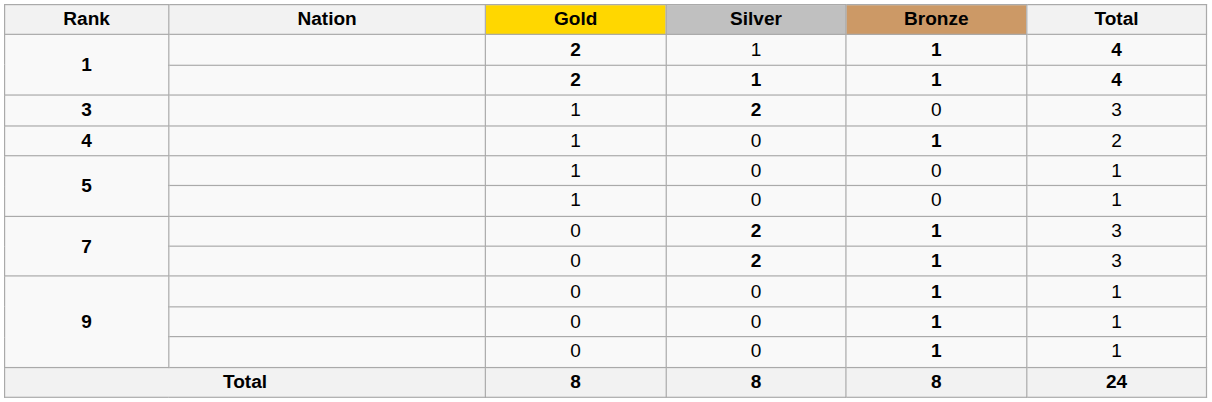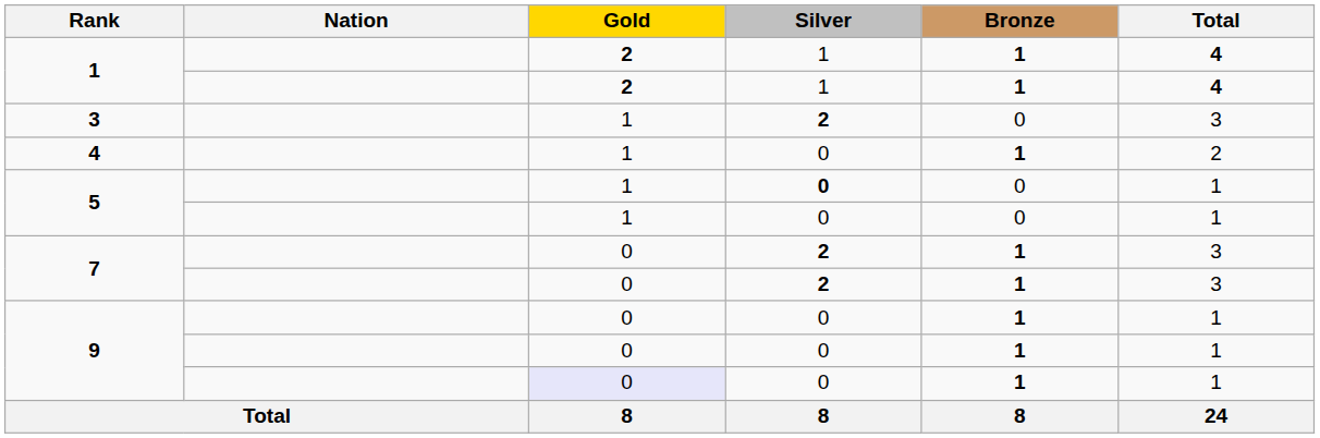 <table class="wikitable collapsible autocollapse plainrowheaders" width=80% style="text-align:center;">
 <tr style="background-color:#EDEDED;">
 <th width=100px class="hintergrundfarbe5">Rank</th>
 <th width=200px class="hintergrundfarbe6">Nation</th>
 <th style="background:    gold; width:15%">Gold</th>
 <th style="background:  silver; width:15%">Silver</th>
 <th style="background: #CC9966; width:15%">Bronze</th>
 <th class="hintergrundfarbe6" style="width:15%">Total</th>
 </tr>
 <tr>
 <td rowspan=2><strong>1</strong></td>
 <td align=left></td>
 <td><strong>2</strong></td>
 <td>1</td>
 <td><strong>1</strong></td>
 <td><strong>4</strong></td>
 </tr>
 <tr>
 <td align=left></td>
 <td><strong>2</strong></td>
-<td><strong>1</strong></td>
+<td>1</td>
 <td><strong>1</strong></td>
 <td><strong>4</strong></td>
 </tr>
 <tr>
 <td><strong>3</strong></td>
 <td align=left></td>
 <td>1</td>
 <td><strong>2</strong></td>
 <td>0</td>
 <td>3</td>
 </tr>
 <tr>
 <td><strong>4</strong></td>
 <td align=left><em></em></td>
 <td>1</td>
 <td>0</td>
 <td><strong>1</strong></td>
 <td>2</td>
 </tr>
 <tr>
 <td rowspan=2><strong>5</strong></td>
 <td align=left></td>
 <td>1</td>
-<td>0</td>
+<td><strong>0</strong></td>
 <td>0</td>
 <td>1</td>
 </tr>
 <tr>
 <td align=left></td>
 <td>1</td>
 <td>0</td>
 <td>0</td>
 <td>1</td>
 </tr>
 <tr>
 <td rowspan=2><strong>7</strong></td>
 <td align=left></td>
 <td>0</td>
 <td><strong>2</strong></td>
 <td><strong>1</strong></td>
 <td>3</td>
 </tr>
 <tr>
 <td align=left></td>
 <td>0</td>
 <td><strong>2</strong></td>
 <td><strong>1</strong></td>
 <td>3</td>
 </tr>
 <tr>
 <td rowspan=3><strong>9</strong></td>
 <td align=left></td>
 <td>0</td>
 <td>0</td>
 <td><strong>1</strong></td>
 <td>1</td>
 </tr>
 <tr>
 <td align=left></td>
 <td>0</td>
 <td>0</td>
 <td><strong>1</strong></td>
 <td>1</td>
 </tr>
 <tr>
 <td align=left></td>
-<td>0</td>
+<td style="background: lavender;">0</td>
 <td>0</td>
 <td><strong>1</strong></td>
 <td>1</td>
 </tr>
 <tr>
 <th colspan=2>Total</th>
 <th>8</th>
 <th>8</th>
 <th>8</th>
 <th>24</th>
 </tr>
 </table>
